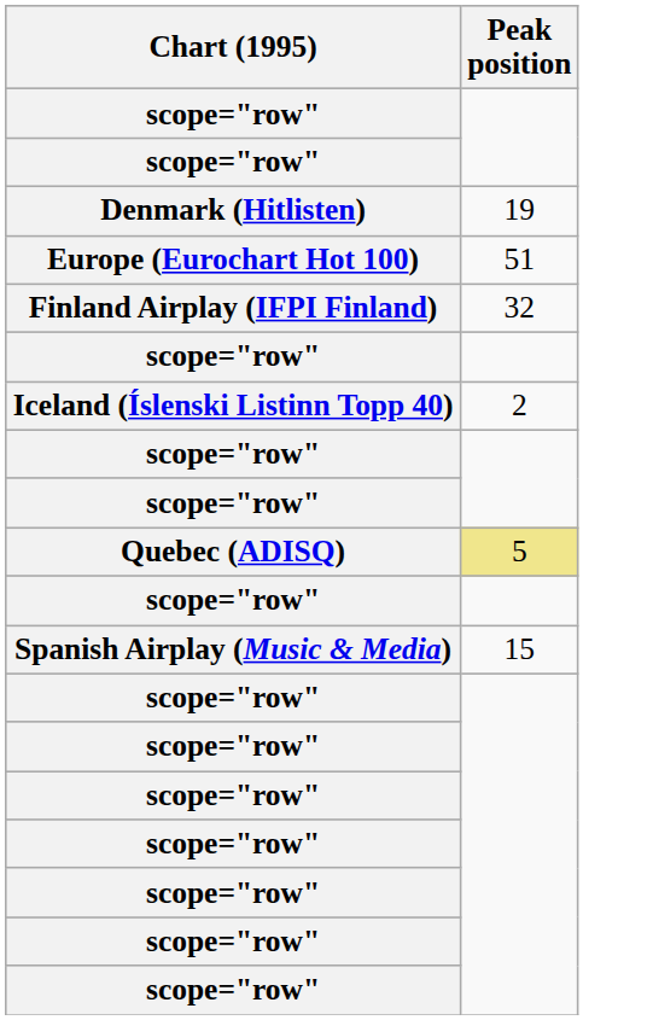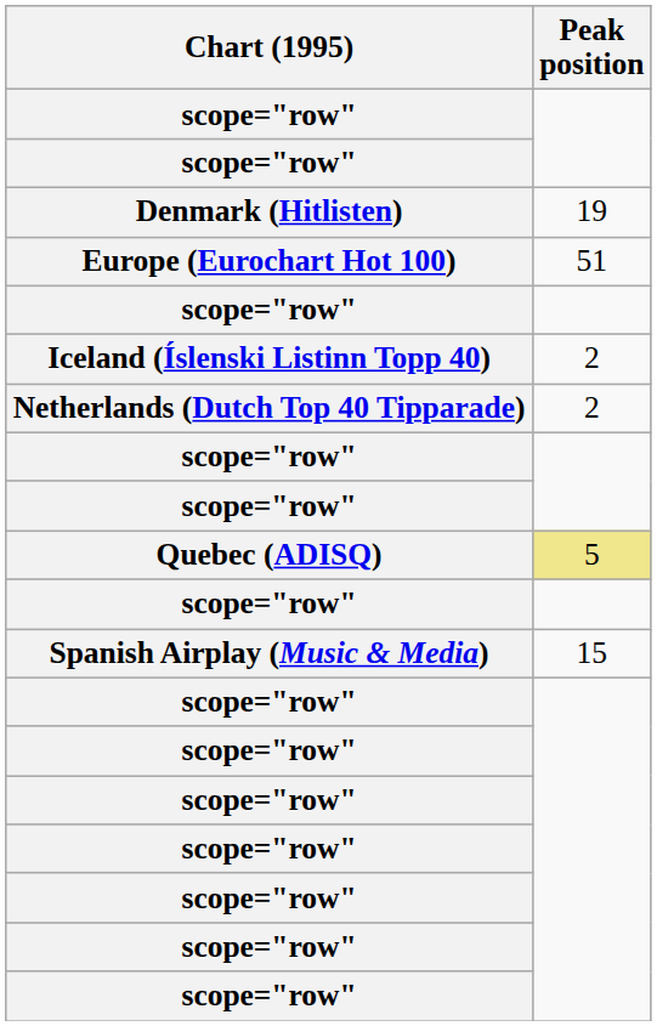 <table class="wikitable sortable plainrowheaders">
 <tr>
 <th scope="col">Chart (1995)</th>
 <th scope="col">Peak<br>position</th>
 </tr>
 <tr>
 <th>scope="row"</th>
 </tr>
 <tr>
 <th>scope="row"</th>
 </tr>
 <tr>
 <th scope="row">Denmark (<a href='#'>Hitlisten</a>)</th>
 <td align="center">19</td>
 </tr>
 <tr>
 <th scope="row">Europe (<a href='#'>Eurochart Hot 100</a>)</th>
 <td align="center">51</td>
 </tr>
 <tr>
-<th scope="row">Finland Airplay (<a href='#'>IFPI Finland</a>)</th>
-<td align="center">32</td>
-</tr>
-<tr>
 <th>scope="row"</th>
 </tr>
 <tr>
 <th scope="row">Iceland (<a href='#'>Íslenski Listinn Topp 40</a>)</th>
+<td align="center">2</td>
+</tr>
+<tr>
+<th scope="row">Netherlands (<a href='#'>Dutch Top 40 Tipparade</a>)</th>
 <td align="center">2</td>
 </tr>
 <tr>
 <th>scope="row"</th>
 </tr>
 <tr>
 <th>scope="row"</th>
 </tr>
 <tr>
 <th scope="row">Quebec (<a href='#'>ADISQ</a>)</th>
 <td align="center" style="background: khaki;">5</td>
 </tr>
 <tr>
 <th>scope="row"</th>
 </tr>
 <tr>
 <th scope="row">Spanish Airplay (<em><a href='#'>Music & Media</a></em>)</th>
 <td align="center">15</td>
 </tr>
 <tr>
 <th>scope="row"</th>
 </tr>
 <tr>
 <th>scope="row"</th>
 </tr>
 <tr>
 <th>scope="row"</th>
 </tr>
 <tr>
 <th>scope="row"</th>
 </tr>
 <tr>
 <th>scope="row"</th>
 </tr>
 <tr>
 <th>scope="row"</th>
 </tr>
 <tr>
 <th>scope="row"</th>
 </tr>
 </table>
